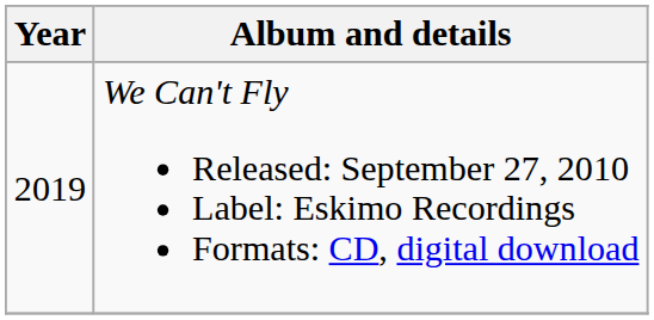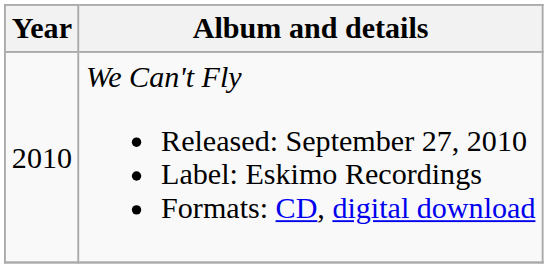 <table class="wikitable">
 <tr>
 <th align="center" width="10">Year</th>
 <th align="center">Album and details</th>
 </tr>
 <tr>
-<td align="center">2019</td>
+<td align="center">2010</td>
 <td><em>We Can't Fly</em><br><ul><li>Released: September 27, 2010</li><li>Label: Eskimo Recordings</li><li>Formats: <a href='#'>CD</a>, <a href='#'>digital download</a></li></ul></td>
 </tr>
 <tr>
 </tr>
 </table>
